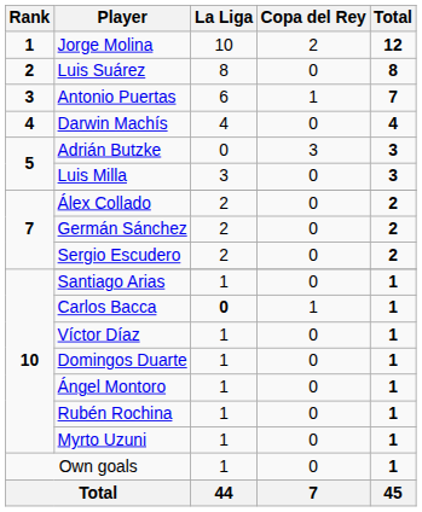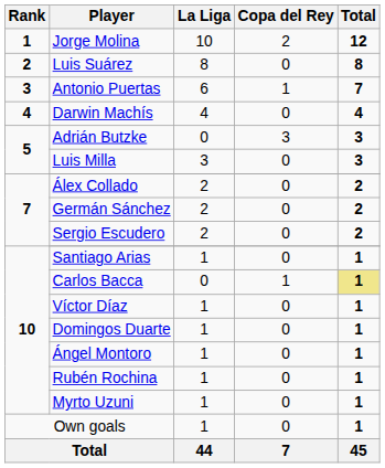 <table class="wikitable" style="text-align:center;">
 <tr>
 <th>Rank</th>
 <th>Player</th>
 <th>La Liga</th>
 <th>Copa del Rey</th>
 <th>Total</th>
 </tr>
 <tr>
 <td><strong>1</strong></td>
 <td align=left> <a href='#'>Jorge Molina</a></td>
 <td>10</td>
 <td>2</td>
 <td><strong>12</strong></td>
 </tr>
 <tr>
 <td><strong>2</strong></td>
 <td align=left> <a href='#'>Luis Suárez</a></td>
 <td>8</td>
 <td>0</td>
 <td><strong>8</strong></td>
 </tr>
 <tr>
 <td><strong>3</strong></td>
 <td align=left> <a href='#'>Antonio Puertas</a></td>
 <td>6</td>
 <td>1</td>
 <td><strong>7</strong></td>
 </tr>
 <tr>
 <td><strong>4</strong></td>
 <td align=left> <a href='#'>Darwin Machís</a></td>
 <td>4</td>
 <td>0</td>
 <td><strong>4</strong></td>
 </tr>
 <tr>
 <td rowspan=2><strong>5</strong></td>
 <td align=left> <a href='#'>Adrián Butzke</a></td>
 <td>0</td>
 <td>3</td>
 <td><strong>3</strong></td>
 </tr>
 <tr>
 <td align=left> <a href='#'>Luis Milla</a></td>
 <td>3</td>
 <td>0</td>
 <td><strong>3</strong></td>
 </tr>
 <tr>
 <td rowspan=4><strong>7</strong></td>
 </tr>
 <tr>
 <td align=left> <a href='#'>Álex Collado</a></td>
 <td>2</td>
 <td>0</td>
 <td><strong>2</strong></td>
 </tr>
 <tr>
 <td align=left> <a href='#'>Germán Sánchez</a></td>
 <td>2</td>
 <td>0</td>
 <td><strong>2</strong></td>
 </tr>
 <tr>
 <td align=left> <a href='#'>Sergio Escudero</a></td>
 <td>2</td>
 <td>0</td>
 <td><strong>2</strong></td>
 </tr>
 <tr>
 <td rowspan=8><strong>10</strong></td>
 </tr>
 <tr>
 <td align=left> <a href='#'>Santiago Arias</a></td>
 <td>1</td>
 <td>0</td>
 <td><strong>1</strong></td>
 </tr>
 <tr>
 <td align=left> <a href='#'>Carlos Bacca</a></td>
-<td><strong>0</strong></td>
+<td>0</td>
 <td>1</td>
-<td><strong>1</strong></td>
+<td style="background: khaki;"><strong>1</strong></td>
 </tr>
 <tr>
 <td align=left> <a href='#'>Víctor Díaz</a></td>
 <td>1</td>
 <td>0</td>
 <td><strong>1</strong></td>
 </tr>
 <tr>
 <td align=left> <a href='#'>Domingos Duarte</a></td>
 <td>1</td>
 <td>0</td>
 <td><strong>1</strong></td>
 </tr>
 <tr>
 <td align=left> <a href='#'>Ángel Montoro</a></td>
 <td>1</td>
 <td>0</td>
 <td><strong>1</strong></td>
 </tr>
 <tr>
 <td align=left> <a href='#'>Rubén Rochina</a></td>
 <td>1</td>
 <td>0</td>
 <td><strong>1</strong></td>
 </tr>
 <tr>
 <td align=left> <a href='#'>Myrto Uzuni</a></td>
 <td>1</td>
 <td>0</td>
 <td><strong>1</strong></td>
 </tr>
 <tr>
 <td align=center colspan=2>Own goals</td>
 <td>1</td>
 <td>0</td>
 <td><strong>1</strong></td>
 </tr>
 <tr>
 <th colspan=2>Total</th>
 <th>44</th>
 <th>7</th>
 <th><strong>45</strong></th>
 </tr>
 </table>
